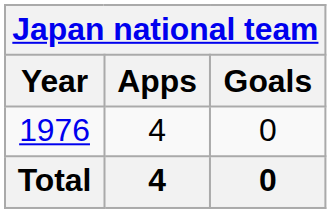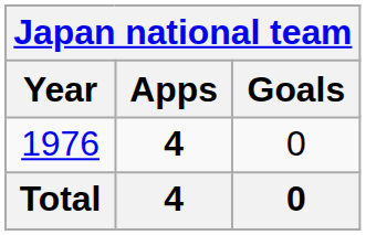 <table class="wikitable" style="text-align:center">
 <tr>
 <th colspan=3><a href='#'>Japan national team</a></th>
 </tr>
 <tr>
 <th>Year</th>
 <th>Apps</th>
 <th>Goals</th>
 </tr>
 <tr>
 <td><a href='#'>1976</a></td>
-<td>4</td>
+<td><strong>4</strong></td>
 <td>0</td>
 </tr>
 <tr>
 <th>Total</th>
 <th>4</th>
 <th>0</th>
 </tr>
 </table>
